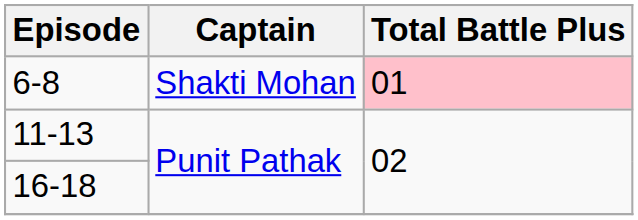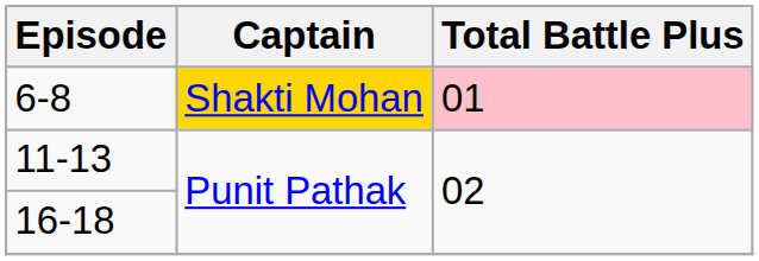 <table class="wikitable sorta">
 <tr>
 <th>Episode</th>
 <th>Captain</th>
 <th>Total Battle Plus</th>
 </tr>
 <tr>
 <td>6-8</td>
-<td><a href='#'>Shakti Mohan</a></td>
+<td style="background: gold;"><a href='#'>Shakti Mohan</a></td>
 <td style="background: pink;">01</td>
 </tr>
 <tr>
 <td>11-13</td>
 <td rowspan=2><a href='#'>Punit Pathak</a></td>
 <td rowspan=2>02</td>
 </tr>
 <tr>
 <td>16-18</td>
 </tr>
 <tr>
 </tr>
 </table>
